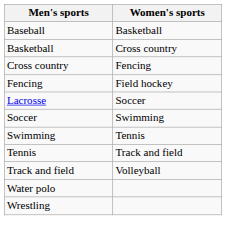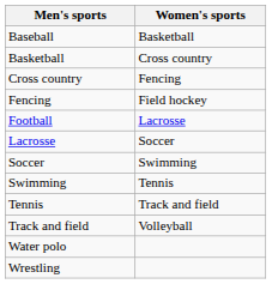 <table class="wikitable"; style= "text-align: ">
 <tr>
 <th width=150px>Men's sports</th>
 <th width=150px>Women's sports</th>
 </tr>
 <tr>
 <td>Baseball</td>
 <td>Basketball</td>
 </tr>
 <tr>
 <td>Basketball</td>
 <td>Cross country</td>
 </tr>
 <tr>
 <td>Cross country</td>
 <td>Fencing</td>
 </tr>
 <tr>
 <td>Fencing</td>
 <td>Field hockey</td>
+</tr>
+<tr>
+<td><a href='#'>Football</a></td>
+<td><a href='#'>Lacrosse</a></td>
 </tr>
 <tr>
 <td><a href='#'>Lacrosse</a></td>
 <td>Soccer</td>
 </tr>
 <tr>
 <td>Soccer</td>
 <td>Swimming</td>
 </tr>
 <tr>
 <td>Swimming</td>
 <td>Tennis</td>
 </tr>
 <tr>
 <td>Tennis</td>
 <td>Track and field</td>
 </tr>
 <tr>
 <td>Track and field</td>
 <td>Volleyball</td>
 </tr>
 <tr>
 <td>Water polo</td>
 <td></td>
 </tr>
 <tr>
 <td>Wrestling</td>
 <td></td>
 </tr>
 </table>
